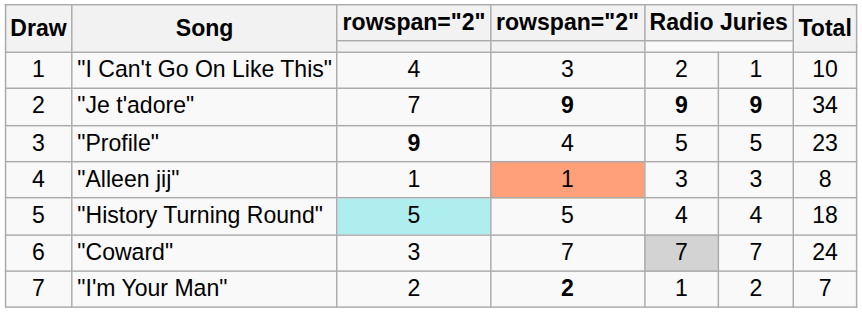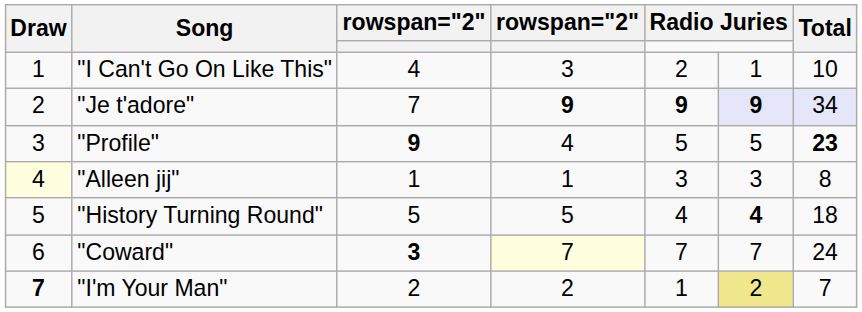 <table class="wikitable collapsible" style="margin: 1em auto 1em auto; text-align:center;">
 <tr>
 <th rowspan="2">Draw</th>
 <th rowspan="2">Song</th>
 <th>rowspan="2" </th>
 <th>rowspan="2" </th>
 <th colspan="2">Radio Juries</th>
 <th rowspan="2">Total</th>
 </tr>
 <tr>
 <th></th>
 <th></th>
 </tr>
 <tr>
 <td>1</td>
 <td align="left">"I Can't Go On Like This"</td>
 <td>4</td>
 <td>3</td>
 <td>2</td>
 <td>1</td>
 <td>10</td>
 </tr>
 <tr>
 <td>2</td>
 <td align="left">"Je t'adore"</td>
 <td>7</td>
 <td><strong>9</strong></td>
 <td><strong>9</strong></td>
-<td><strong>9</strong></td>
-<td>34</td>
+<td style="background: lavender;"><strong>9</strong></td>
+<td style="background: lavender;">34</td>
 </tr>
 <tr>
 <td>3</td>
 <td align="left">"Profile"</td>
 <td><strong>9</strong></td>
 <td>4</td>
 <td>5</td>
 <td>5</td>
-<td>23</td>
+<td><strong>23</strong></td>
 </tr>
 <tr>
-<td>4</td>
+<td style="background: lightyellow;">4</td>
 <td align="left">"Alleen jij"</td>
 <td>1</td>
-<td style="background: lightsalmon;">1</td>
+<td>1</td>
 <td>3</td>
 <td>3</td>
 <td>8</td>
 </tr>
 <tr>
 <td>5</td>
 <td align="left">"History Turning Round"</td>
-<td style="background: paleturquoise;">5</td>
+<td>5</td>
 <td>5</td>
 <td>4</td>
-<td>4</td>
+<td><strong>4</strong></td>
 <td>18</td>
 </tr>
 <tr>
 <td>6</td>
 <td align="left">"Coward"</td>
-<td>3</td>
+<td><strong>3</strong></td>
+<td style="background: lightyellow;">7</td>
 <td>7</td>
-<td style="background: lightgrey;">7</td>
 <td>7</td>
 <td>24</td>
 </tr>
 <tr>
-<td>7</td>
+<td><strong>7</strong></td>
 <td align="left">"I'm Your Man"</td>
 <td>2</td>
-<td><strong>2</strong></td>
+<td>2</td>
 <td>1</td>
-<td>2</td>
+<td style="background: khaki;">2</td>
 <td>7</td>
 </tr>
 </table>
